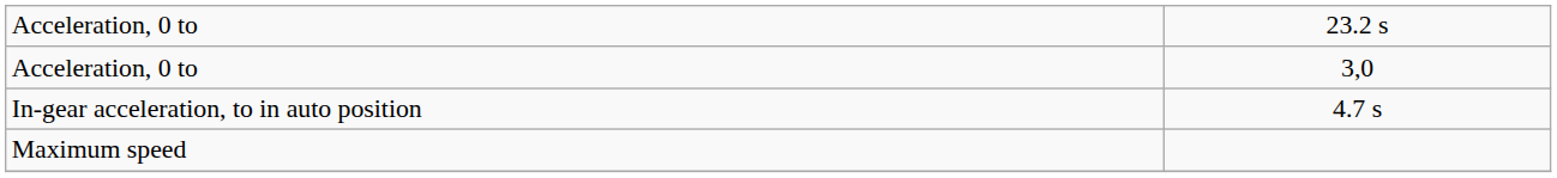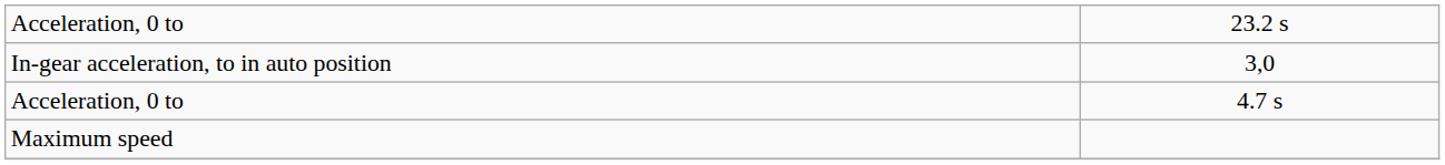 <table class="wikitable" width="75%">
 <tr>
 <td width="75%">Acceleration, 0 to </td>
 <td align="center">23.2 s</td>
 </tr>
 <tr>
-<td width="75%">Acceleration, 0 to </td>
+<td width="75%">In-gear acceleration,  to  in auto position</td>
 <td align="center">3,0</td>
 </tr>
 <tr>
-<td width="75%">In-gear acceleration,  to  in auto position</td>
+<td width="75%">Acceleration, 0 to </td>
 <td align="center">4.7 s</td>
 </tr>
 <tr>
 <td width="75%">Maximum speed</td>
 <td align="center"></td>
 </tr>
 <tr>
 </tr>
 </table>
